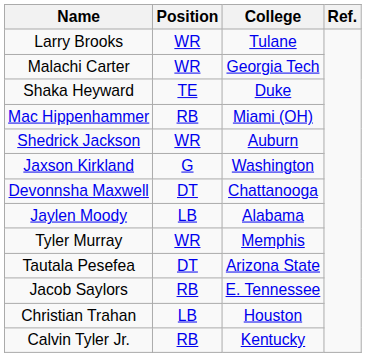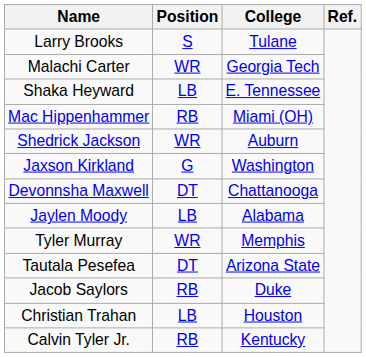 <table class="wikitable" style="text-align:center">
 <tr>
 <th>Name</th>
 <th>Position</th>
 <th>College</th>
 <th>Ref.</th>
 </tr>
 <tr>
 <td>Larry Brooks</td>
-<td><a href='#'>WR</a></td>
+<td><a href='#'>S</a></td>
 <td><a href='#'>Tulane</a></td>
 <td rowspan="13"></td>
 </tr>
 <tr>
 <td>Malachi Carter</td>
 <td><a href='#'>WR</a></td>
 <td><a href='#'>Georgia Tech</a></td>
 </tr>
 <tr>
 <td>Shaka Heyward</td>
-<td><a href='#'>TE</a></td>
-<td><a href='#'>Duke</a></td>
+<td><a href='#'>LB</a></td>
+<td><a href='#'>E. Tennessee</a></td>
 </tr>
 <tr>
 <td><a href='#'>Mac Hippenhammer</a></td>
 <td><a href='#'>RB</a></td>
 <td><a href='#'>Miami (OH)</a></td>
 </tr>
 <tr>
 <td><a href='#'>Shedrick Jackson</a></td>
 <td><a href='#'>WR</a></td>
 <td><a href='#'>Auburn</a></td>
 </tr>
 <tr>
 <td><a href='#'>Jaxson Kirkland</a></td>
 <td><a href='#'>G</a></td>
 <td><a href='#'>Washington</a></td>
 </tr>
 <tr>
 <td><a href='#'>Devonnsha Maxwell</a></td>
 <td><a href='#'>DT</a></td>
 <td><a href='#'>Chattanooga</a></td>
 </tr>
 <tr>
 <td><a href='#'>Jaylen Moody</a></td>
 <td><a href='#'>LB</a></td>
 <td><a href='#'>Alabama</a></td>
 </tr>
 <tr>
 <td>Tyler Murray</td>
 <td><a href='#'>WR</a></td>
 <td><a href='#'>Memphis</a></td>
 </tr>
 <tr>
 <td>Tautala Pesefea</td>
 <td><a href='#'>DT</a></td>
 <td><a href='#'>Arizona State</a></td>
 </tr>
 <tr>
 <td>Jacob Saylors</td>
 <td><a href='#'>RB</a></td>
-<td><a href='#'>E. Tennessee</a></td>
+<td><a href='#'>Duke</a></td>
 </tr>
 <tr>
 <td>Christian Trahan</td>
 <td><a href='#'>LB</a></td>
 <td><a href='#'>Houston</a></td>
 </tr>
 <tr>
 <td>Calvin Tyler Jr.</td>
 <td><a href='#'>RB</a></td>
 <td><a href='#'>Kentucky</a></td>
 </tr>
 </table>
